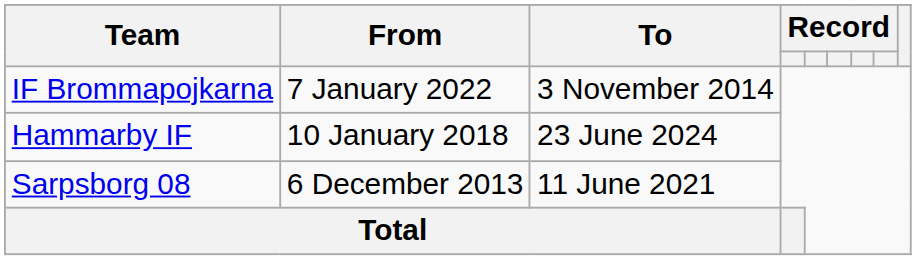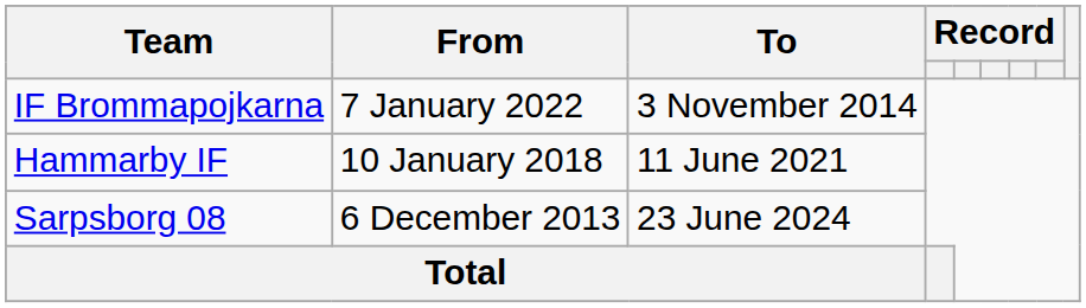 <table class=wikitable style="text-align: center">
 <tr>
 <th rowspan=2>Team</th>
 <th rowspan=2>From</th>
 <th rowspan=2>To</th>
 <th colspan=5>Record</th>
 <th rowspan=2></th>
 </tr>
 <tr>
 <th></th>
 <th></th>
 <th></th>
 <th></th>
 <th></th>
 </tr>
 <tr>
 <td align=left><a href='#'>IF Brommapojkarna</a></td>
 <td align=left>7 January 2022</td>
 <td align=left>3 November 2014<br></td>
 </tr>
 <tr>
 <td align=left><a href='#'>Hammarby IF</a></td>
 <td align=left>10 January 2018</td>
-<td align=left>23 June 2024<br></td>
+<td align=left>11 June 2021<br></td>
 </tr>
 <tr>
 <td align=left><a href='#'>Sarpsborg 08</a></td>
 <td align=left>6 December 2013</td>
-<td align=left>11 June 2021<br></td>
+<td align=left>23 June 2024<br></td>
 </tr>
 <tr>
 <th colspan=3>Total<br></th>
 <th></th>
 </tr>
 </table>
